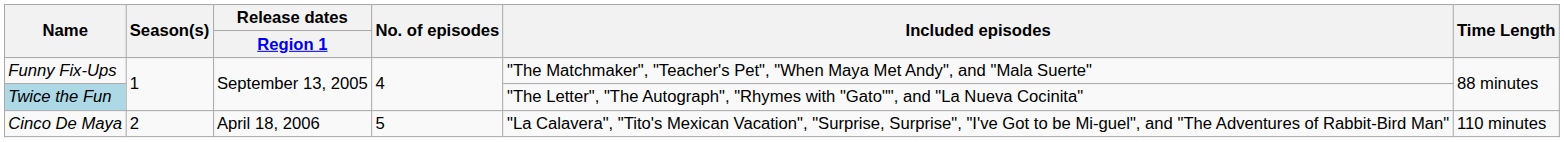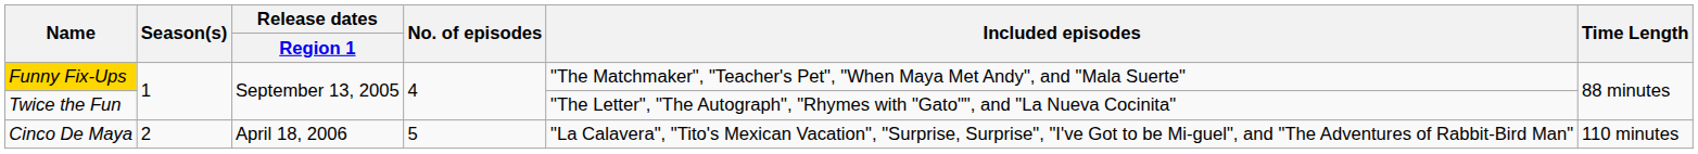 <table class="wikitable">
 <tr>
 <th rowspan="2">Name</th>
 <th rowspan="2">Season(s)</th>
 <th>Release dates</th>
 <th rowspan="2">No. of episodes</th>
 <th rowspan="2">Included episodes</th>
 <th rowspan="2">Time Length</th>
 </tr>
 <tr>
 <th><a href='#'>Region 1</a></th>
 </tr>
 <tr>
-<td><em>Funny Fix-Ups</em></td>
+<td style="background: gold;"><em>Funny Fix-Ups</em></td>
 <td rowspan="3">1</td>
 <td rowspan="2">September 13, 2005</td>
 <td rowspan="2">4</td>
 <td>"The Matchmaker", "Teacher's Pet", "When Maya Met Andy", and "Mala Suerte"</td>
 <td rowspan="2">88 minutes</td>
 </tr>
 <tr>
-<td style="background: lightblue;"><em>Twice the Fun</em></td>
+<td><em>Twice the Fun</em></td>
 <td>"The Letter", "The Autograph", "Rhymes with "Gato"", and "La Nueva Cocinita"</td>
 </tr>
 <tr>
 <td rowspan="2"><em>Cinco De Maya</em></td>
 <td rowspan="2">April 18, 2006</td>
 <td rowspan="2">5</td>
 <td rowspan="2">"La Calavera", "Tito's Mexican Vacation", "Surprise, Surprise", "I've Got to be Mi-guel", and "The Adventures of Rabbit-Bird Man"</td>
 <td rowspan="2">110 minutes</td>
 </tr>
 <tr>
 <td>2</td>
 </tr>
 </table>
